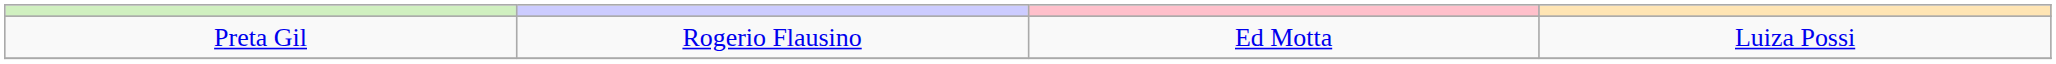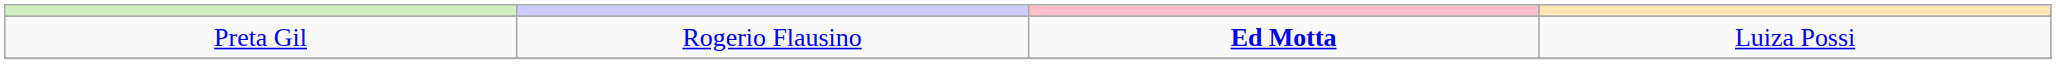 <table class="wikitable"  style="text-align:center; font-size:100%; width:100%;">
 <tr>
 <td scope="col" width="25%" bgcolor=D0F0C0><strong></strong></td>
 <td scope="col" width="25%" bgcolor=CCCCFF><strong></strong></td>
 <td scope="col" width="25%" bgcolor=FFC0CB><strong></strong></td>
 <td scope="col" width="25%" bgcolor=FFE5B4><strong></strong></td>
 </tr>
 <tr>
 <td><a href='#'>Preta Gil</a></td>
 <td><a href='#'>Rogerio Flausino</a></td>
-<td><a href='#'>Ed Motta</a></td>
+<td><strong><a href='#'>Ed Motta</a></strong></td>
 <td><a href='#'>Luiza Possi</a></td>
 </tr>
 <tr>
 </tr>
 </table>
